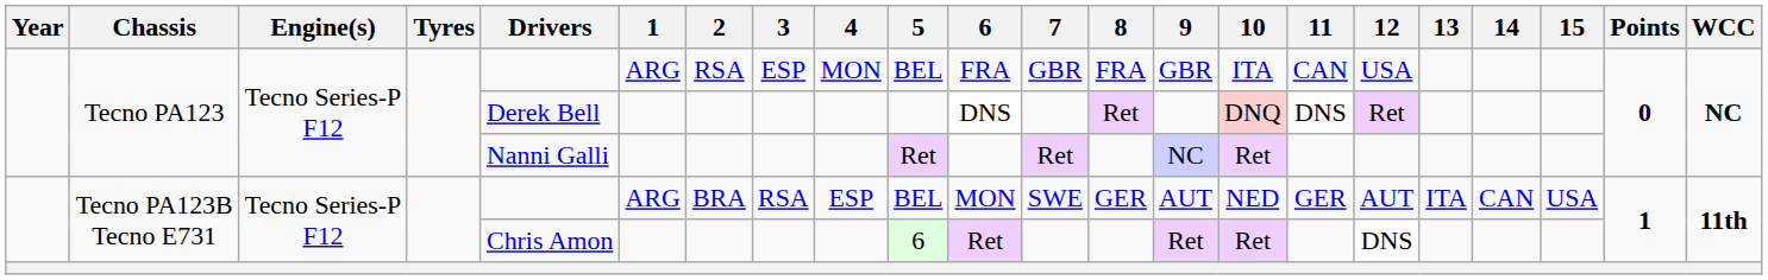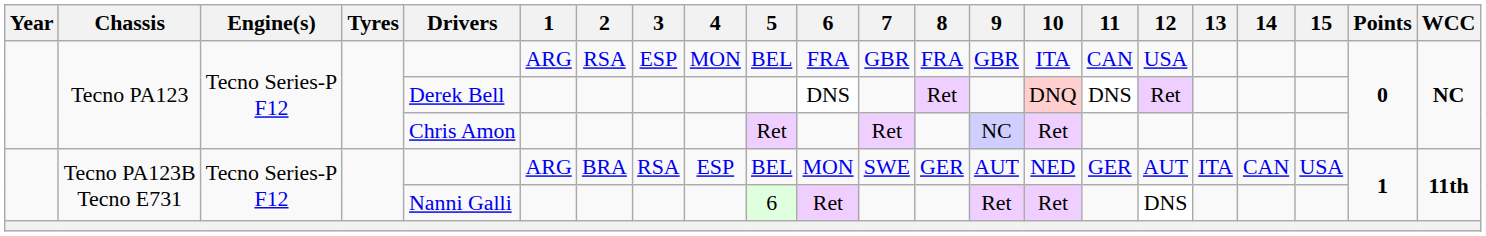 <table class="wikitable" style="text-align:center; font-size:95%">
 <tr>
 <th>Year</th>
 <th>Chassis</th>
 <th>Engine(s)</th>
 <th>Tyres</th>
 <th>Drivers</th>
 <th>1</th>
 <th>2</th>
 <th>3</th>
 <th>4</th>
 <th>5</th>
 <th>6</th>
 <th>7</th>
 <th>8</th>
 <th>9</th>
 <th>10</th>
 <th>11</th>
 <th>12</th>
 <th>13</th>
 <th>14</th>
 <th>15</th>
 <th>Points</th>
 <th>WCC</th>
 </tr>
 <tr>
 <td rowspan="3"></td>
 <td rowspan="3">Tecno PA123</td>
 <td rowspan="3">Tecno Series-P<br><a href='#'>F12</a></td>
 <td rowspan="3"></td>
 <td></td>
 <td><a href='#'>ARG</a></td>
 <td><a href='#'>RSA</a></td>
 <td><a href='#'>ESP</a></td>
 <td><a href='#'>MON</a></td>
 <td><a href='#'>BEL</a></td>
 <td><a href='#'>FRA</a></td>
 <td><a href='#'>GBR</a></td>
 <td><a href='#'>FRA</a></td>
 <td><a href='#'>GBR</a></td>
 <td><a href='#'>ITA</a></td>
 <td><a href='#'>CAN</a></td>
 <td><a href='#'>USA</a></td>
 <td></td>
 <td></td>
 <td></td>
 <td rowspan="3"><strong>0</strong></td>
 <td rowspan="3"><strong>NC</strong></td>
 </tr>
 <tr>
 <td align="left"> <a href='#'>Derek Bell</a></td>
 <td></td>
 <td></td>
 <td></td>
 <td></td>
 <td></td>
 <td style="background:#FFFFFF;">DNS</td>
 <td></td>
 <td style="background:#EFCFFF;">Ret</td>
 <td></td>
 <td style="background:#FFCFCF;">DNQ</td>
 <td style="background:#FFFFFF;">DNS</td>
 <td style="background:#EFCFFF;">Ret</td>
 <td></td>
 <td></td>
 <td></td>
 </tr>
 <tr>
-<td align="left"> <a href='#'>Nanni Galli</a></td>
+<td align="left"> <a href='#'>Chris Amon</a></td>
 <td></td>
 <td></td>
 <td></td>
 <td></td>
 <td style="background:#EFCFFF;">Ret</td>
 <td></td>
 <td style="background:#EFCFFF;">Ret</td>
 <td></td>
 <td style="background:#CFCFFF;">NC</td>
 <td style="background:#EFCFFF;">Ret</td>
 <td></td>
 <td></td>
 <td></td>
 <td></td>
 <td></td>
 </tr>
 <tr>
 <td rowspan="2"></td>
 <td rowspan="2">Tecno PA123B<br>Tecno E731</td>
 <td rowspan="2">Tecno Series-P<br><a href='#'>F12</a></td>
 <td rowspan="2"></td>
 <td></td>
 <td><a href='#'>ARG</a></td>
 <td><a href='#'>BRA</a></td>
 <td><a href='#'>RSA</a></td>
 <td><a href='#'>ESP</a></td>
 <td><a href='#'>BEL</a></td>
 <td><a href='#'>MON</a></td>
 <td><a href='#'>SWE</a></td>
 <td><a href='#'>GER</a></td>
 <td><a href='#'>AUT</a></td>
 <td><a href='#'>NED</a></td>
 <td><a href='#'>GER</a></td>
 <td><a href='#'>AUT</a></td>
 <td><a href='#'>ITA</a></td>
 <td><a href='#'>CAN</a></td>
 <td><a href='#'>USA</a></td>
 <td rowspan="2"><strong>1</strong></td>
 <td rowspan="2"><strong>11th</strong></td>
 </tr>
 <tr>
-<td align="left"> <a href='#'>Chris Amon</a></td>
+<td align="left"> <a href='#'>Nanni Galli</a></td>
 <td></td>
 <td></td>
 <td></td>
 <td></td>
 <td style="background:#DFFFDF;">6</td>
 <td style="background:#EFCFFF;">Ret</td>
 <td></td>
 <td></td>
 <td style="background:#EFCFFF;">Ret</td>
 <td style="background:#EFCFFF;">Ret</td>
 <td></td>
 <td style="background:#FFFFFF;">DNS</td>
 <td></td>
 <td></td>
 <td></td>
 </tr>
 <tr>
 <th colspan="22"></th>
 </tr>
 </table>
